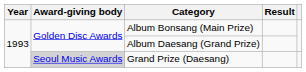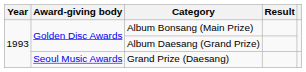 <table class="wikitable">
 <tr>
 <th>Year</th>
 <th>Award-giving body</th>
 <th>Category</th>
 <th>Result</th>
 <th class="unsortable"></th>
 </tr>
 <tr>
 <td rowspan="3">1993</td>
 <td rowspan="2"><a href='#'>Golden Disc Awards</a></td>
 <td>Album Bonsang (Main Prize)</td>
 <td></td>
 <td rowspan="2" align="center"></td>
 </tr>
 <tr>
 <td>Album Daesang (Grand Prize)</td>
 <td></td>
 </tr>
 <tr>
-<td style="background: lightgrey;"><a href='#'>Seoul Music Awards</a></td>
+<td><a href='#'>Seoul Music Awards</a></td>
 <td>Grand Prize (Daesang)</td>
 <td></td>
 <td style="text-align:center"></td>
 </tr>
 </table>
